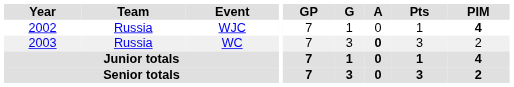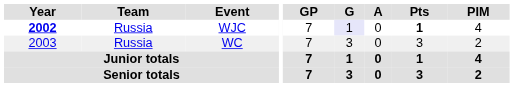 <table border="0" cellpadding="1" cellspacing="0" ID="Table3" style="text-align:center; width:40em">
 <tr bgcolor="#e0e0e0">
 <th>Year</th>
 <th>Team</th>
 <th>Event</th>
 <th rowspan="102" bgcolor="#ffffff"></th>
 <th>GP</th>
 <th>G</th>
 <th>A</th>
 <th>Pts</th>
 <th>PIM</th>
 </tr>
 <tr>
-<td><a href='#'>2002</a></td>
+<td><strong><a href='#'>2002</a></strong></td>
 <td><a href='#'>Russia</a></td>
 <td><a href='#'>WJC</a></td>
 <td>7</td>
-<td>1</td>
+<td style="background: lavender;">1</td>
 <td>0</td>
-<td>1</td>
-<td><strong>4</strong></td>
+<td><strong>1</strong></td>
+<td>4</td>
 </tr>
 <tr bgcolor="#f0f0f0">
 <td><a href='#'>2003</a></td>
 <td><a href='#'>Russia</a></td>
 <td><a href='#'>WC</a></td>
 <td>7</td>
 <td>3</td>
-<td><strong>0</strong></td>
+<td>0</td>
 <td>3</td>
 <td>2</td>
 </tr>
 <tr bgcolor="#e0e0e0">
 <th colspan="3">Junior totals</th>
 <th>7</th>
 <th>1</th>
 <th>0</th>
 <th>1</th>
 <th>4</th>
 </tr>
 <tr bgcolor="#e0e0e0">
 <th colspan="3">Senior totals</th>
 <th>7</th>
 <th>3</th>
 <th>0</th>
 <th>3</th>
 <th>2</th>
 </tr>
 </table>
